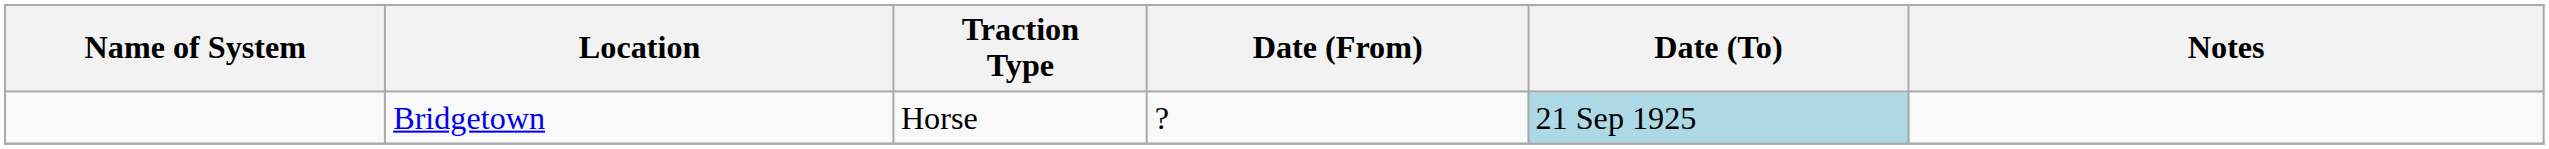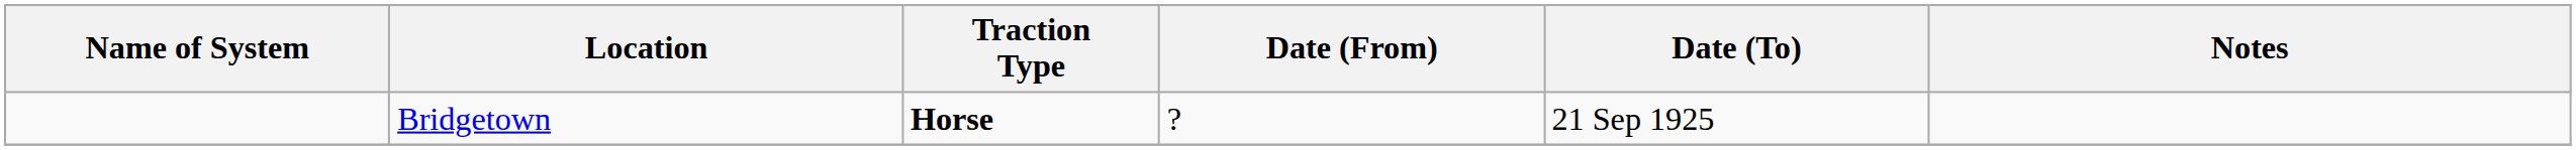 <table class="wikitable" width=100%>
 <tr>
 <th width=15%>Name of System</th>
 <th width=20%>Location</th>
 <th width=10%>Traction<br>Type</th>
 <th width=15%>Date (From)</th>
 <th width=15%>Date (To)</th>
 <th width=25%>Notes</th>
 </tr>
 <tr>
 <td> </td>
 <td><a href='#'>Bridgetown</a></td>
-<td>Horse</td>
+<td><strong>Horse</strong></td>
 <td>?</td>
-<td style="background: lightblue;">21 Sep 1925</td>
+<td>21 Sep 1925</td>
 <td> </td>
 </tr>
 <tr>
 </tr>
 </table>
